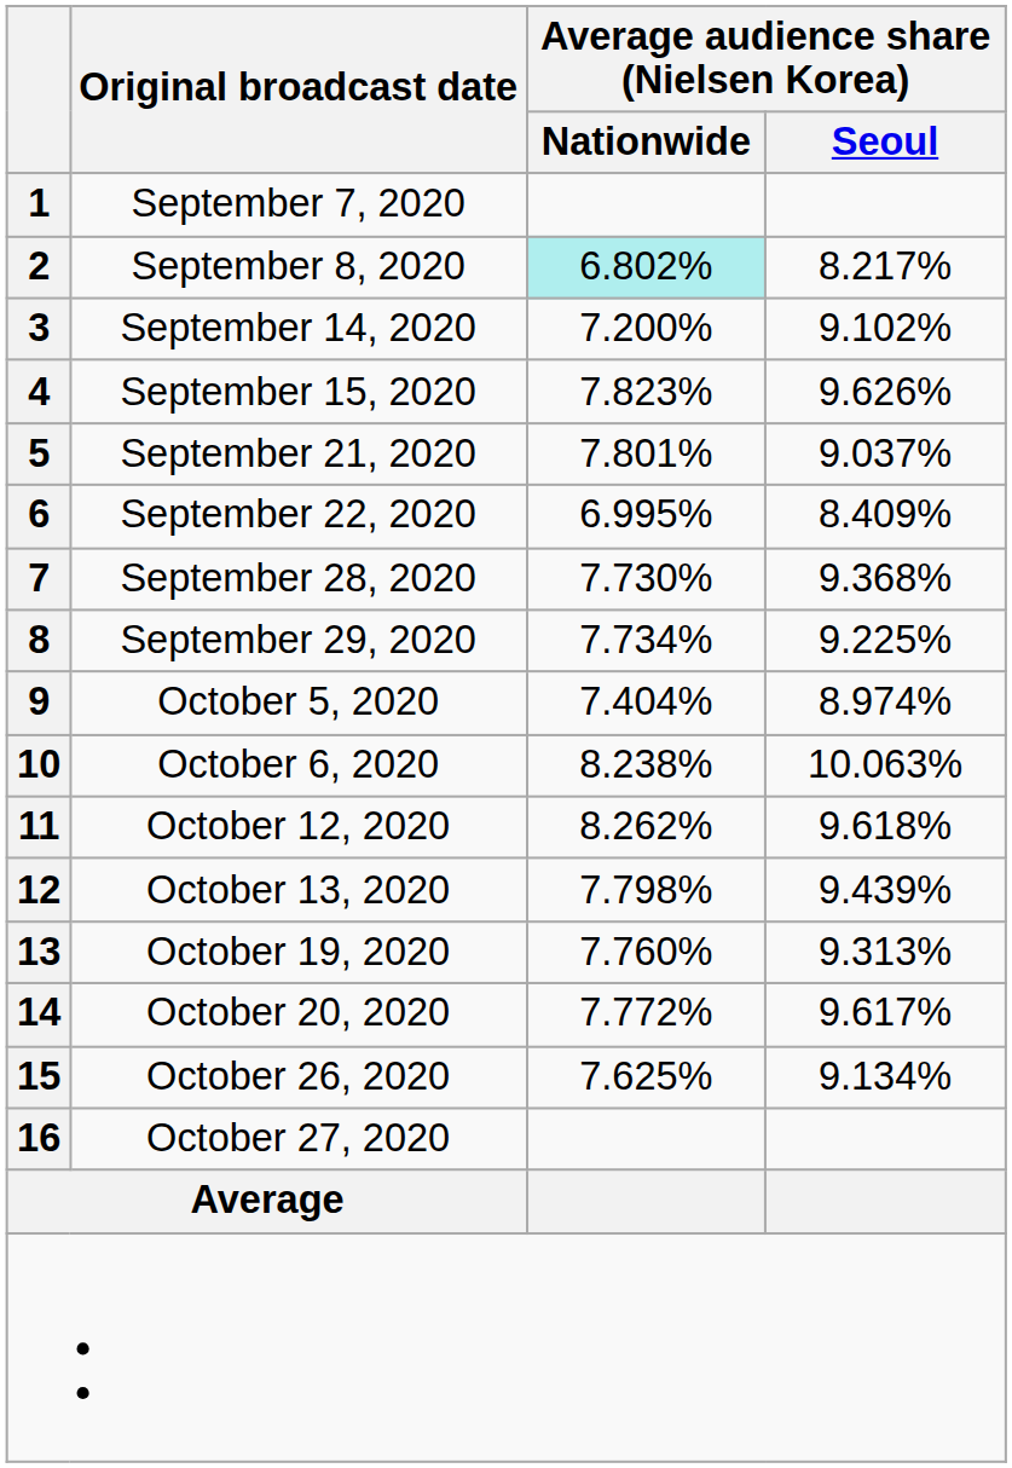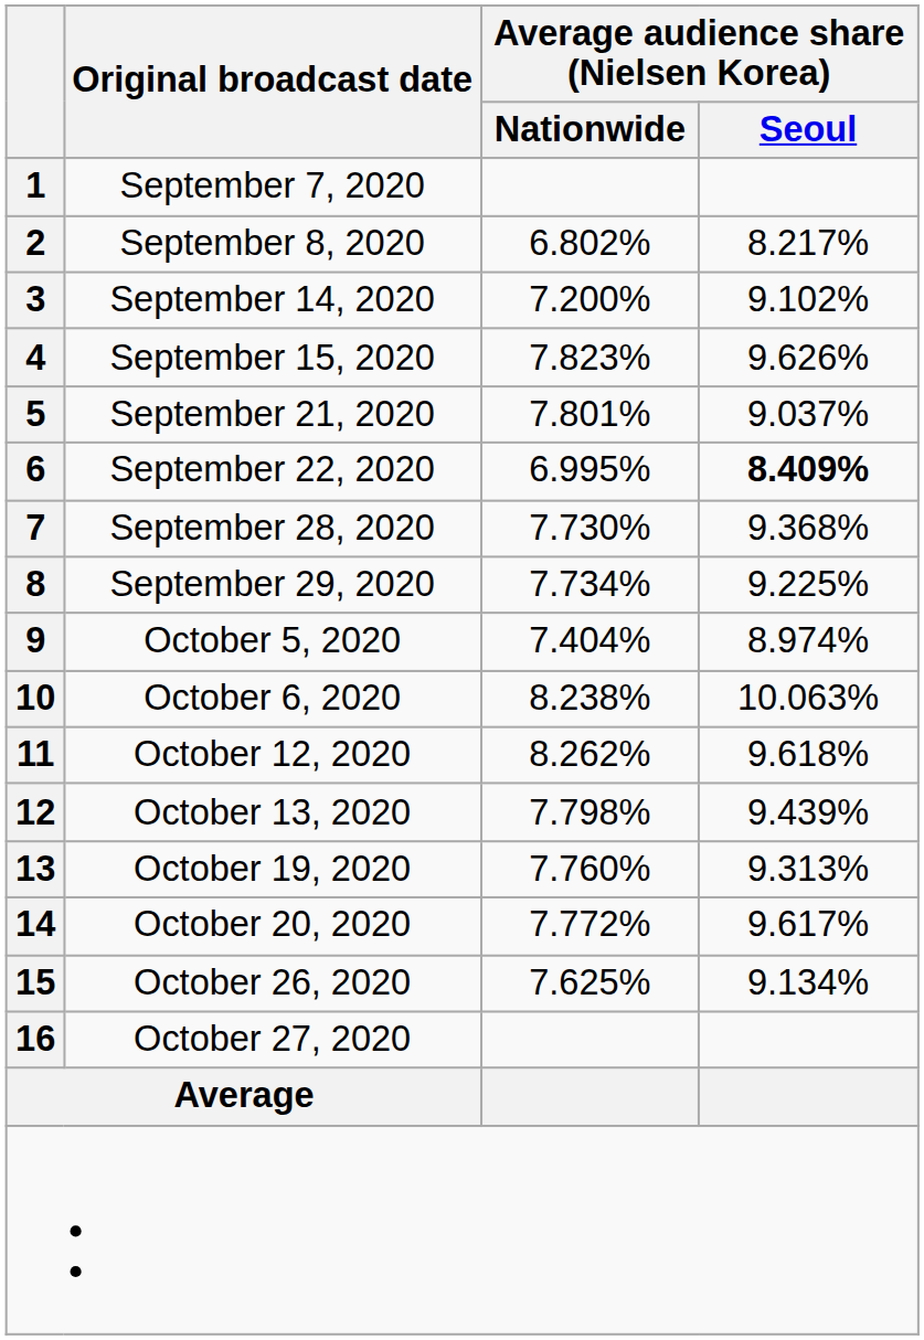 <table class="wikitable" style="text-align:center;max-width:450px; margin-left: auto; margin-right: auto; border: none;">
 <tr>
 </tr>
 <tr>
 <th rowspan="2"></th>
 <th rowspan="2">Original broadcast date</th>
 <th colspan="2">Average audience share<br>(Nielsen Korea)</th>
 </tr>
 <tr>
 <th width="90">Nationwide</th>
 <th width="90"><a href='#'>Seoul</a></th>
 </tr>
 <tr>
 <th>1</th>
 <td>September 7, 2020</td>
 <td> </td>
 <td> </td>
 </tr>
 <tr>
 <th>2</th>
 <td>September 8, 2020</td>
-<td style="background: paleturquoise;">6.802% </td>
+<td>6.802% </td>
 <td>8.217% </td>
 </tr>
 <tr>
 <th>3</th>
 <td>September 14, 2020</td>
 <td>7.200% </td>
 <td>9.102% </td>
 </tr>
 <tr>
 <th>4</th>
 <td>September 15, 2020</td>
 <td>7.823% </td>
 <td>9.626% </td>
 </tr>
 <tr>
 <th>5</th>
 <td>September 21, 2020</td>
 <td>7.801% </td>
 <td>9.037% </td>
 </tr>
 <tr>
 <th>6</th>
 <td>September 22, 2020</td>
 <td>6.995% </td>
-<td>8.409% </td>
+<td><strong>8.409% </strong></td>
 </tr>
 <tr>
 <th>7</th>
 <td>September 28, 2020</td>
 <td>7.730% </td>
 <td>9.368% </td>
 </tr>
 <tr>
 <th>8</th>
 <td>September 29, 2020</td>
 <td>7.734% </td>
 <td>9.225% </td>
 </tr>
 <tr>
 <th>9</th>
 <td>October 5, 2020</td>
 <td>7.404% </td>
 <td>8.974% </td>
 </tr>
 <tr>
 <th>10</th>
 <td>October 6, 2020</td>
 <td>8.238% </td>
 <td>10.063% </td>
 </tr>
 <tr>
 <th>11</th>
 <td>October 12, 2020</td>
 <td>8.262% </td>
 <td>9.618% </td>
 </tr>
 <tr>
 <th>12</th>
 <td>October 13, 2020</td>
 <td>7.798% </td>
 <td>9.439% </td>
 </tr>
 <tr>
 <th>13</th>
 <td>October 19, 2020</td>
 <td>7.760% </td>
 <td>9.313% </td>
 </tr>
 <tr>
 <th>14</th>
 <td>October 20, 2020</td>
 <td>7.772% </td>
 <td>9.617% </td>
 </tr>
 <tr>
 <th>15</th>
 <td>October 26, 2020</td>
 <td>7.625% </td>
 <td>9.134% </td>
 </tr>
 <tr>
 <th>16</th>
 <td>October 27, 2020</td>
 <td> </td>
 <td> </td>
 </tr>
 <tr>
 <th colspan="2">Average</th>
 <th></th>
 <th></th>
 </tr>
 <tr>
 <td colspan="4"><br><ul><li></li><li></li></ul></td>
 </tr>
 </table>
